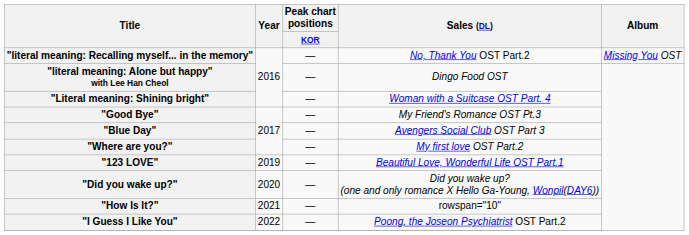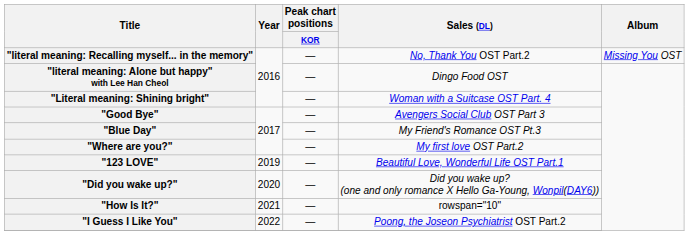 <table class="wikitable plainrowheaders" style="text-align:center;">
 <tr>
 <th scope="col" rowspan="2">Title</th>
 <th scope="col" rowspan="2">Year</th>
 <th scope="col" colspan="1">Peak chart <br> positions</th>
 <th scope="col" rowspan="2">Sales <small>(<a href='#'>DL</a>)</small></th>
 <th scope="col" rowspan="2">Album</th>
 </tr>
 <tr>
 <th><small><a href='#'>KOR</a></small><br></th>
 </tr>
 <tr>
 <th scope="row">"literal meaning: Recalling myself... in the memory" </th>
 <td rowspan="3">2016</td>
 <td>—</td>
 <td><em><a href='#'>No, Thank You</a></em> OST Part.2</td>
 <td><em><a href='#'>Missing You</a> OST</em></td>
 </tr>
 <tr>
 <th scope="row">"literal meaning: Alone but happy" <br><small>with Lee Han Cheol</small></th>
 <td>—</td>
 <td><em>Dingo Food OST</em></td>
 </tr>
 <tr>
 <th scope="row">"Literal meaning: Shining bright" </th>
 <td>—</td>
 <td><em><a href='#'>Woman with a Suitcase OST Part. 4</a></em></td>
 </tr>
 <tr>
 <th scope="row">"Good Bye" </th>
 <td rowspan="3">2017</td>
 <td>—</td>
-<td><em>My Friend's Romance OST Pt.3</em></td>
+<td><em><a href='#'>Avengers Social Club</a> OST Part 3</em></td>
 </tr>
 <tr>
 <th scope="row">"Blue Day" </th>
 <td>—</td>
-<td><em><a href='#'>Avengers Social Club</a> OST Part 3</em></td>
+<td><em>My Friend's Romance OST Pt.3</em></td>
 </tr>
 <tr>
 <th scope="row">"Where are you?" </th>
 <td>—</td>
 <td><em><a href='#'>My first love</a> OST Part.2</em></td>
 </tr>
 <tr>
 <th scope="row">"123 LOVE" </th>
 <td>2019</td>
 <td>—</td>
 <td><em><a href='#'>Beautiful Love, Wonderful Life OST Part.1</a></em></td>
 </tr>
 <tr>
 <th scope="row">"Did you wake up?" </th>
 <td>2020</td>
 <td>—</td>
 <td><em>Did you wake up?<br>(one and only romance X Hello Ga-Young, <a href='#'>Wonpil</a>(<a href='#'>DAY6</a>))</em></td>
 </tr>
 <tr>
 <th scope="row">"How Is It?" </th>
 <td>2021</td>
 <td>—</td>
 <td>rowspan="10" </td>
 </tr>
 <tr>
 <th scope="row">"I Guess I Like You" </th>
 <td>2022</td>
 <td>—</td>
 <td><em><a href='#'>Poong, the Joseon Psychiatrist</a></em> OST Part.2</td>
 </tr>
 <tr>
 </tr>
 </table>
